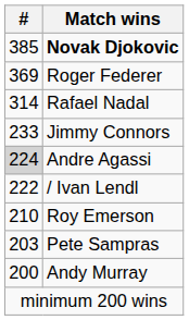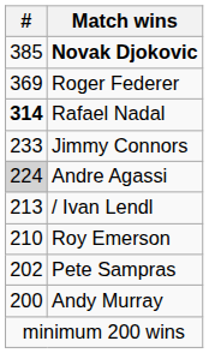 <table class=wikitable style="display:inline-table;">
 <tr>
 <th>#</th>
 <th>Match wins</th>
 </tr>
 <tr>
 <td>385</td>
 <td> <strong>Novak Djokovic</strong></td>
 </tr>
 <tr>
 <td>369</td>
 <td> Roger Federer</td>
 </tr>
 <tr>
-<td>314</td>
+<td><strong>314</strong></td>
 <td> Rafael Nadal</td>
 </tr>
 <tr>
 <td>233</td>
 <td> Jimmy Connors</td>
 </tr>
 <tr>
 <td style="background: lightgrey;">224</td>
 <td> Andre Agassi</td>
 </tr>
 <tr>
-<td>222</td>
+<td>213</td>
 <td>/ Ivan Lendl</td>
 </tr>
 <tr>
 <td>210</td>
 <td> Roy Emerson</td>
 </tr>
 <tr>
-<td>203</td>
+<td>202</td>
 <td> Pete Sampras</td>
 </tr>
 <tr>
 <td>200</td>
 <td> Andy Murray</td>
 </tr>
 <tr>
 <td colspan="3" style="text-align:center;">minimum 200 wins</td>
 </tr>
 </table>
